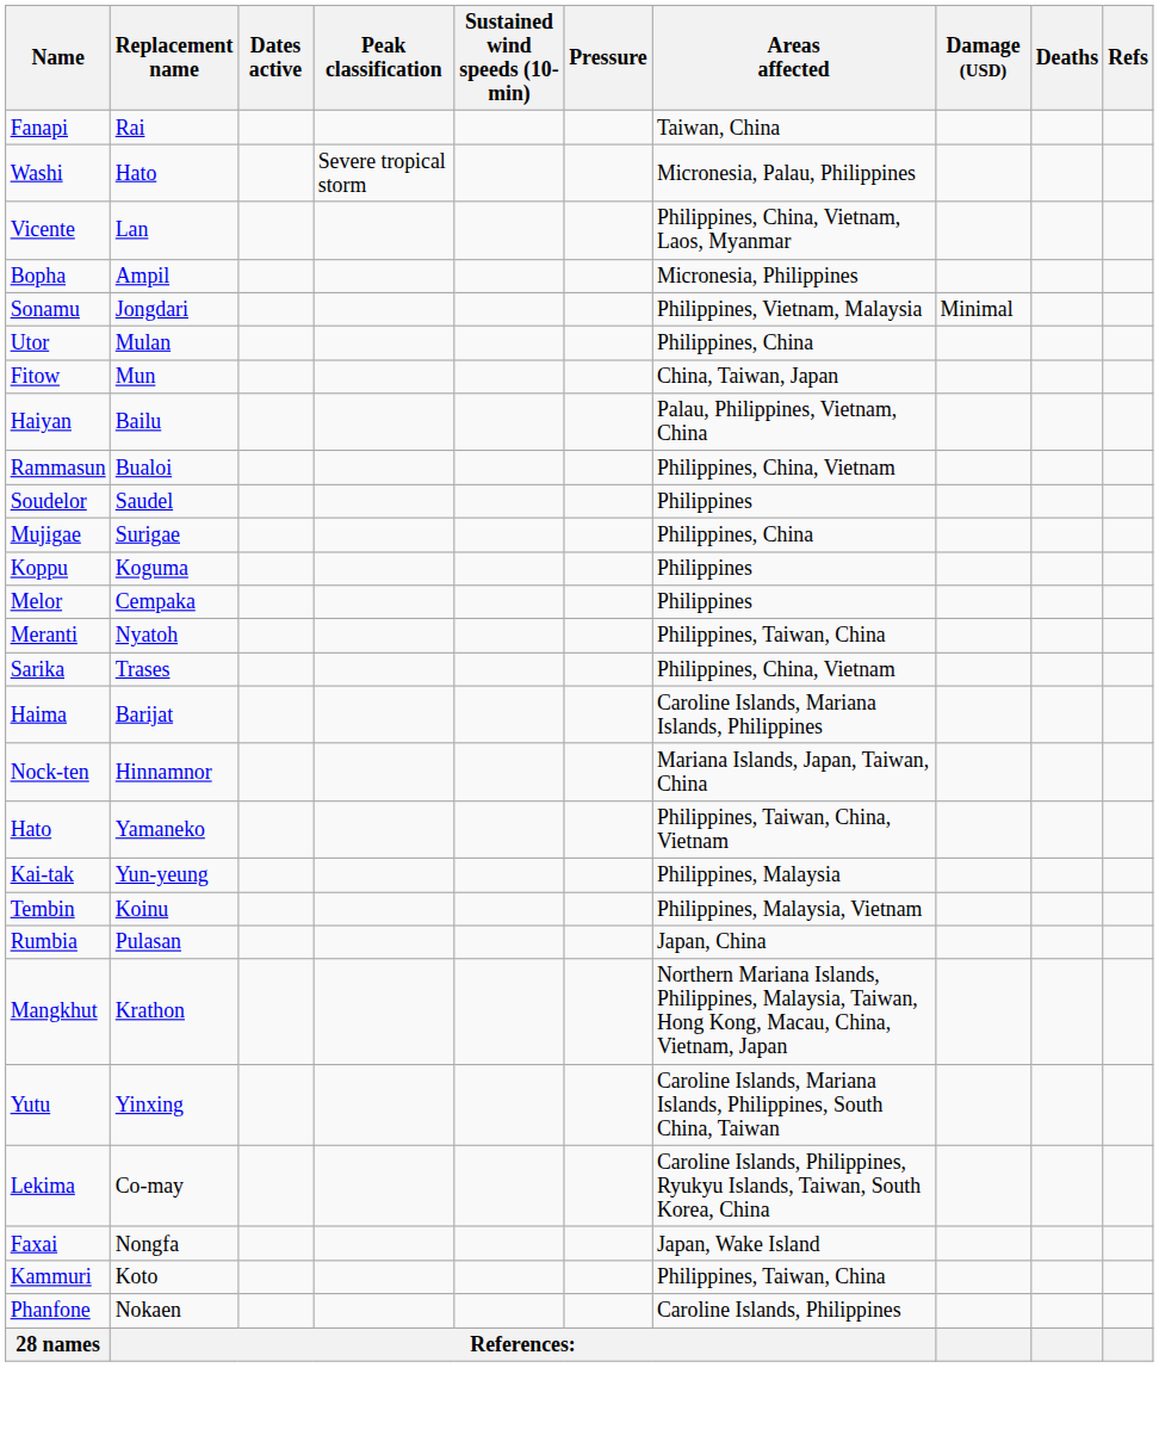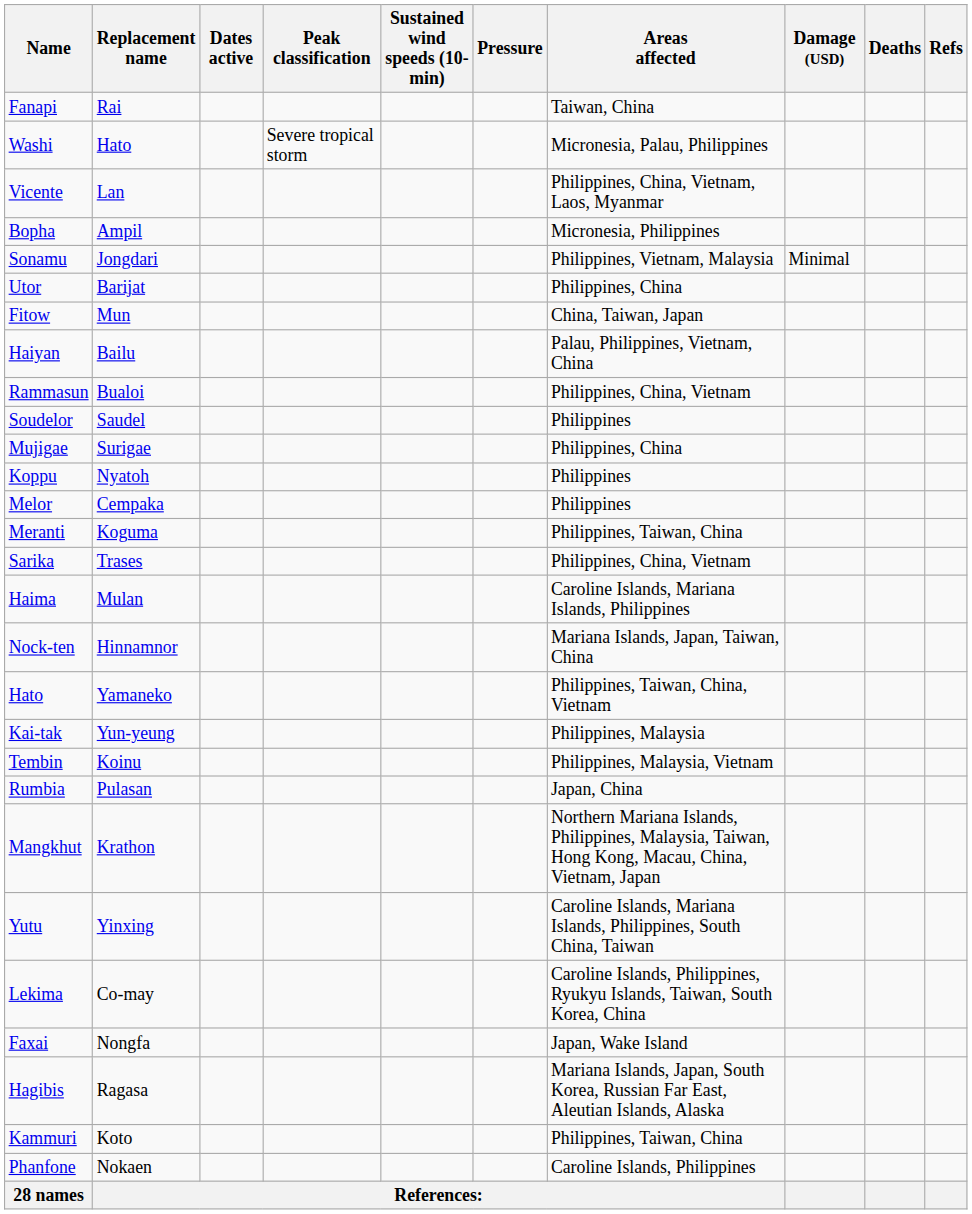 <table class="wikitable sortable">
 <tr>
 <th scope="col">Name</th>
 <th scope="col">Replacement<br>name</th>
 <th scope="col">Dates active</th>
 <th scope="col">Peak<br>classification</th>
 <th scope="col">Sustained wind<br>speeds (10-min)</th>
 <th scope="col">Pressure</th>
 <th scope="col" class="unsortable">Areas<br>affected</th>
 <th scope="col">Damage <small>(USD)</small></th>
 <th scope="col">Deaths</th>
 <th scope="col" class="unsortable">Refs</th>
 </tr>
 <tr>
 <td><a href='#'>Fanapi</a></td>
 <td><a href='#'>Rai</a></td>
 <td></td>
 <td></td>
 <td></td>
 <td></td>
 <td>Taiwan, China</td>
 <td></td>
 <td></td>
 <td></td>
 </tr>
 <tr>
 <td><a href='#'>Washi</a></td>
 <td><a href='#'>Hato</a></td>
 <td></td>
 <td>Severe tropical storm</td>
 <td></td>
 <td></td>
 <td>Micronesia, Palau, Philippines</td>
 <td></td>
 <td></td>
 <td></td>
 </tr>
 <tr>
 <td><a href='#'>Vicente</a></td>
 <td><a href='#'>Lan</a></td>
 <td></td>
 <td></td>
 <td></td>
 <td></td>
 <td>Philippines, China, Vietnam, Laos, Myanmar</td>
 <td></td>
 <td></td>
 <td></td>
 </tr>
 <tr>
 <td><a href='#'>Bopha</a></td>
 <td><a href='#'>Ampil</a></td>
 <td></td>
 <td></td>
 <td></td>
 <td></td>
 <td>Micronesia, Philippines</td>
 <td></td>
 <td></td>
 <td></td>
 </tr>
 <tr>
 <td><a href='#'>Sonamu</a></td>
 <td><a href='#'>Jongdari</a></td>
 <td></td>
 <td></td>
 <td></td>
 <td></td>
 <td>Philippines, Vietnam, Malaysia</td>
 <td> Minimal</td>
 <td></td>
 <td></td>
 </tr>
 <tr>
 <td><a href='#'>Utor</a></td>
-<td><a href='#'>Mulan</a></td>
+<td><a href='#'>Barijat</a></td>
 <td></td>
 <td></td>
 <td></td>
 <td></td>
 <td>Philippines, China</td>
 <td></td>
 <td></td>
 <td></td>
 </tr>
 <tr>
 <td><a href='#'>Fitow</a></td>
 <td><a href='#'>Mun</a></td>
 <td></td>
 <td></td>
 <td></td>
 <td></td>
 <td>China, Taiwan, Japan</td>
 <td></td>
 <td></td>
 <td></td>
 </tr>
 <tr>
 <td><a href='#'>Haiyan</a></td>
 <td><a href='#'>Bailu</a></td>
 <td></td>
 <td></td>
 <td></td>
 <td></td>
 <td>Palau, Philippines, Vietnam, China</td>
 <td></td>
 <td></td>
 <td></td>
 </tr>
 <tr>
 <td><a href='#'>Rammasun</a></td>
 <td><a href='#'>Bualoi</a></td>
 <td></td>
 <td></td>
 <td></td>
 <td></td>
 <td>Philippines, China, Vietnam</td>
 <td></td>
 <td></td>
 <td></td>
 </tr>
 <tr>
 <td><a href='#'>Soudelor</a></td>
 <td><a href='#'>Saudel</a></td>
 <td></td>
 <td></td>
 <td></td>
 <td></td>
 <td>Philippines</td>
 <td></td>
 <td></td>
 <td></td>
 </tr>
 <tr>
 <td><a href='#'>Mujigae</a></td>
 <td><a href='#'>Surigae</a></td>
 <td></td>
 <td></td>
 <td></td>
 <td></td>
 <td>Philippines, China</td>
 <td></td>
 <td></td>
 <td></td>
 </tr>
 <tr>
 <td><a href='#'>Koppu</a></td>
-<td><a href='#'>Koguma</a></td>
+<td><a href='#'>Nyatoh</a></td>
 <td></td>
 <td></td>
 <td></td>
 <td></td>
 <td>Philippines</td>
 <td></td>
 <td></td>
 <td></td>
 </tr>
 <tr>
 <td><a href='#'>Melor</a></td>
 <td><a href='#'>Cempaka</a></td>
 <td></td>
 <td></td>
 <td></td>
 <td></td>
 <td>Philippines</td>
 <td></td>
 <td></td>
 <td></td>
 </tr>
 <tr>
 <td><a href='#'>Meranti</a></td>
-<td><a href='#'>Nyatoh</a></td>
+<td><a href='#'>Koguma</a></td>
 <td></td>
 <td></td>
 <td></td>
 <td></td>
 <td>Philippines, Taiwan, China</td>
 <td></td>
 <td></td>
 <td></td>
 </tr>
 <tr>
 <td><a href='#'>Sarika</a></td>
 <td><a href='#'>Trases</a></td>
 <td></td>
 <td></td>
 <td></td>
 <td></td>
 <td>Philippines, China, Vietnam</td>
 <td></td>
 <td></td>
 <td></td>
 </tr>
 <tr>
 <td><a href='#'>Haima</a></td>
-<td><a href='#'>Barijat</a></td>
+<td><a href='#'>Mulan</a></td>
 <td></td>
 <td></td>
 <td></td>
 <td></td>
 <td>Caroline Islands, Mariana Islands, Philippines</td>
 <td></td>
 <td></td>
 <td></td>
 </tr>
 <tr>
 <td><a href='#'>Nock-ten</a></td>
 <td><a href='#'>Hinnamnor</a></td>
 <td></td>
 <td></td>
 <td></td>
 <td></td>
 <td>Mariana Islands, Japan, Taiwan, China</td>
 <td></td>
 <td></td>
 <td></td>
 </tr>
 <tr>
 <td><a href='#'>Hato</a></td>
 <td><a href='#'>Yamaneko</a></td>
 <td></td>
 <td></td>
 <td></td>
 <td></td>
 <td>Philippines, Taiwan, China, Vietnam</td>
 <td></td>
 <td></td>
 <td></td>
 </tr>
 <tr>
 <td><a href='#'>Kai-tak</a></td>
 <td><a href='#'>Yun-yeung</a></td>
 <td></td>
 <td></td>
 <td></td>
 <td></td>
 <td>Philippines, Malaysia</td>
 <td></td>
 <td></td>
 <td></td>
 </tr>
 <tr>
 <td><a href='#'>Tembin</a></td>
 <td><a href='#'>Koinu</a></td>
 <td></td>
 <td></td>
 <td></td>
 <td></td>
 <td>Philippines, Malaysia, Vietnam</td>
 <td></td>
 <td></td>
 <td></td>
 </tr>
 <tr>
 <td><a href='#'>Rumbia</a></td>
 <td><a href='#'>Pulasan</a></td>
 <td></td>
 <td></td>
 <td></td>
 <td></td>
 <td>Japan, China</td>
 <td></td>
 <td></td>
 <td></td>
 </tr>
 <tr>
 <td><a href='#'>Mangkhut</a></td>
 <td><a href='#'>Krathon</a></td>
 <td></td>
 <td></td>
 <td></td>
 <td></td>
 <td>Northern Mariana Islands, Philippines, Malaysia, Taiwan, Hong Kong, Macau, China, Vietnam, Japan</td>
 <td></td>
 <td></td>
 <td></td>
 </tr>
 <tr>
 <td><a href='#'>Yutu</a></td>
 <td><a href='#'>Yinxing</a></td>
 <td></td>
 <td></td>
 <td></td>
 <td></td>
 <td>Caroline Islands, Mariana Islands, Philippines, South China, Taiwan</td>
 <td></td>
 <td></td>
 <td></td>
 </tr>
 <tr>
 <td><a href='#'>Lekima</a></td>
 <td>Co-may</td>
 <td></td>
 <td></td>
 <td></td>
 <td></td>
 <td>Caroline Islands, Philippines, Ryukyu Islands, Taiwan, South Korea, China</td>
 <td></td>
 <td></td>
 <td></td>
 </tr>
 <tr>
 <td><a href='#'>Faxai</a></td>
 <td>Nongfa</td>
 <td></td>
 <td></td>
 <td></td>
 <td></td>
 <td>Japan, Wake Island</td>
 <td></td>
 <td></td>
 <td></td>
 </tr>
 <tr>
+<td><a href='#'>Hagibis</a></td>
+<td>Ragasa</td>
+<td></td>
+<td></td>
+<td></td>
+<td></td>
+<td>Mariana Islands, Japan, South Korea, Russian Far East, Aleutian Islands, Alaska</td>
+<td></td>
+<td></td>
+<td></td>
+</tr>
+<tr>
 <td><a href='#'>Kammuri</a></td>
 <td>Koto</td>
 <td></td>
 <td></td>
 <td></td>
 <td></td>
 <td>Philippines, Taiwan, China</td>
 <td></td>
 <td></td>
 <td></td>
 </tr>
 <tr>
 <td><a href='#'>Phanfone</a></td>
 <td>Nokaen</td>
 <td></td>
 <td></td>
 <td></td>
 <td></td>
 <td>Caroline Islands, Philippines</td>
 <td></td>
 <td></td>
 <td></td>
 </tr>
 <tr class="sortbottom">
 <th>28 names</th>
 <th colspan=6>References:</th>
 <th></th>
 <th></th>
 <th></th>
 </tr>
 </table>
